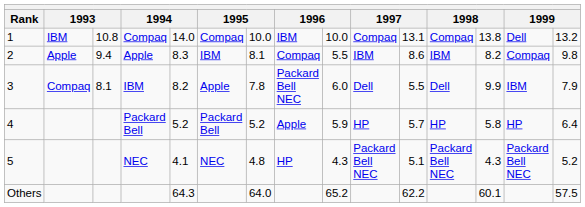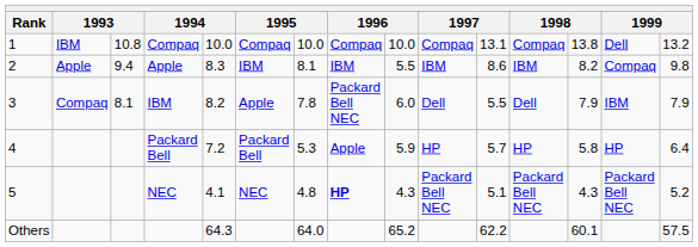 <table class="wikitable">
 <tr>
 <th colspan="15"></th>
 </tr>
 <tr>
 <th>Rank</th>
 <th colspan="2">1993</th>
 <th colspan="2">1994</th>
 <th colspan="2">1995</th>
 <th colspan="2">1996</th>
 <th colspan="2">1997</th>
 <th colspan="2">1998</th>
 <th colspan="2">1999</th>
 </tr>
 <tr>
 <td>1</td>
 <td><a href='#'>IBM</a></td>
 <td>10.8</td>
 <td><a href='#'>Compaq</a></td>
-<td>14.0</td>
+<td>10.0</td>
 <td><a href='#'>Compaq</a></td>
 <td>10.0</td>
-<td><a href='#'>IBM</a></td>
+<td><a href='#'>Compaq</a></td>
 <td style="text-align:right;">10.0</td>
 <td><a href='#'>Compaq</a></td>
 <td style="text-align:right;">13.1</td>
 <td><a href='#'>Compaq</a></td>
 <td style="text-align:right;">13.8</td>
 <td><a href='#'>Dell</a></td>
 <td style="text-align:right;">13.2</td>
 </tr>
 <tr>
 <td>2</td>
 <td><a href='#'>Apple</a></td>
 <td>9.4</td>
 <td><a href='#'>Apple</a></td>
 <td>8.3</td>
 <td><a href='#'>IBM</a></td>
 <td>8.1</td>
-<td><a href='#'>Compaq</a></td>
+<td><a href='#'>IBM</a></td>
 <td style="text-align:right;">5.5</td>
 <td><a href='#'>IBM</a></td>
 <td style="text-align:right;">8.6</td>
 <td><a href='#'>IBM</a></td>
 <td style="text-align:right;">8.2</td>
 <td><a href='#'>Compaq</a></td>
 <td style="text-align:right;">9.8</td>
 </tr>
 <tr>
 <td>3</td>
 <td><a href='#'>Compaq</a></td>
 <td>8.1</td>
 <td><a href='#'>IBM</a></td>
 <td>8.2</td>
 <td><a href='#'>Apple</a></td>
 <td>7.8</td>
 <td><a href='#'>Packard Bell</a> <a href='#'>NEC</a></td>
 <td style="text-align:right;">6.0</td>
 <td><a href='#'>Dell</a></td>
 <td style="text-align:right;">5.5</td>
 <td><a href='#'>Dell</a></td>
-<td style="text-align:right;">9.9</td>
+<td style="text-align:right;">7.9</td>
 <td><a href='#'>IBM</a></td>
 <td style="text-align:right;">7.9</td>
 </tr>
 <tr>
 <td>4</td>
 <td></td>
 <td></td>
 <td><a href='#'>Packard Bell</a></td>
-<td>5.2</td>
+<td>7.2</td>
 <td><a href='#'>Packard Bell</a></td>
-<td>5.2</td>
+<td>5.3</td>
 <td><a href='#'>Apple</a></td>
 <td style="text-align:right;">5.9</td>
 <td><a href='#'>HP</a></td>
 <td style="text-align:right;">5.7</td>
 <td><a href='#'>HP</a></td>
 <td style="text-align:right;">5.8</td>
 <td><a href='#'>HP</a></td>
 <td style="text-align:right;">6.4</td>
 </tr>
 <tr>
 <td>5</td>
 <td></td>
 <td></td>
 <td><a href='#'>NEC</a></td>
 <td>4.1</td>
 <td><a href='#'>NEC</a></td>
 <td>4.8</td>
-<td><a href='#'>HP</a></td>
+<td><strong><a href='#'>HP</a></strong></td>
 <td style="text-align:right;">4.3</td>
 <td><a href='#'>Packard Bell</a> <a href='#'>NEC</a></td>
 <td style="text-align:right;">5.1</td>
 <td><a href='#'>Packard Bell</a> <a href='#'>NEC</a></td>
 <td style="text-align:right;">4.3</td>
 <td><a href='#'>Packard Bell</a> <a href='#'>NEC</a></td>
 <td style="text-align:right;">5.2</td>
 </tr>
 <tr>
 <td>Others</td>
 <td></td>
 <td></td>
 <td></td>
 <td>64.3</td>
 <td></td>
 <td>64.0</td>
 <td></td>
 <td style="text-align:right;">65.2</td>
 <td></td>
 <td style="text-align:right;">62.2</td>
 <td></td>
 <td style="text-align:right;">60.1</td>
 <td></td>
 <td style="text-align:right;">57.5</td>
 </tr>
 </table>
